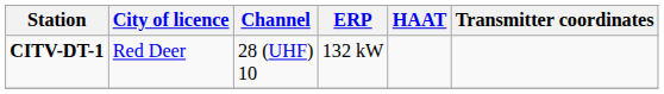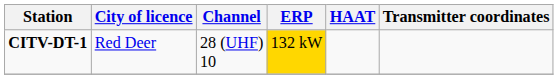 <table class="wikitable">
 <tr>
 <th>Station</th>
 <th><a href='#'>City of licence</a></th>
 <th><a href='#'>Channel</a></th>
 <th><a href='#'>ERP</a></th>
 <th><a href='#'>HAAT</a></th>
 <th>Transmitter coordinates</th>
 </tr>
 <tr style="vertical-align: top; text-align: left;">
 <td><strong>CITV-DT-1</strong></td>
 <td><a href='#'>Red Deer</a></td>
 <td>28 (<a href='#'>UHF</a>)<br>10</td>
-<td>132 kW</td>
+<td style="background: gold;">132 kW</td>
 <td></td>
 <td></td>
 </tr>
 <tr style="vertical-align: top; text-align: left;">
 </tr>
 </table>
